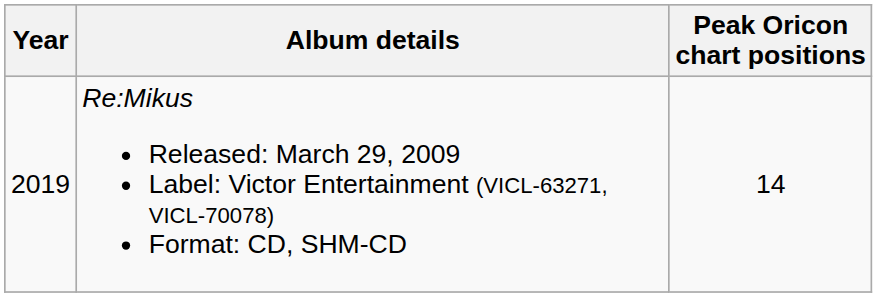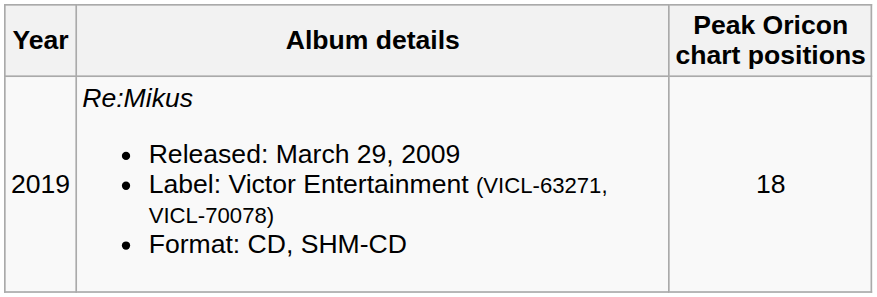 <table class="wikitable" border="1">
 <tr>
 <th rowspan="1">Year</th>
 <th rowspan="1" width="350">Album details</th>
 <th colspan="1">Peak Oricon<br> chart positions</th>
 </tr>
 <tr>
 <td>2019</td>
 <td align="left"><em>Re:Mikus</em><br><ul><li>Released: March 29, 2009</li><li>Label: Victor Entertainment <small>(VICL-63271, VICL-70078)</small></li><li>Format: CD, SHM-CD</li></ul></td>
-<td align="center">14</td>
+<td align="center">18</td>
 </tr>
 </table>
